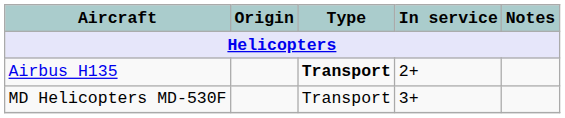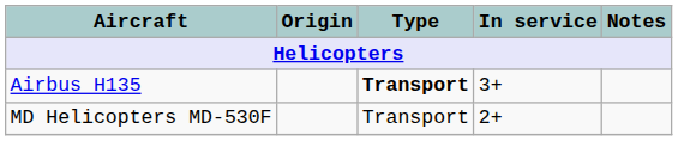 <table class="wikitable">
 <tr>
 <th style="text-align:center; background:#acc;">Aircraft</th>
 <th style="text-align: center; background:#acc;">Origin</th>
 <th style="text-align:l center; background:#acc;">Type</th>
 <th style="text-align:center; background:#acc;">In service</th>
 <th style="text-align: center; background:#acc;">Notes</th>
 </tr>
 <tr>
 <th colspan="5" style="align: center; background: lavender;"><a href='#'>Helicopters</a></th>
 </tr>
 <tr>
 <td><a href='#'>Airbus H135</a></td>
 <td></td>
 <td><strong>Transport</strong></td>
-<td>2+</td>
+<td>3+</td>
 <td></td>
 </tr>
 <tr>
 <td>MD Helicopters MD-530F</td>
 <td></td>
 <td>Transport</td>
-<td>3+</td>
+<td>2+</td>
 <td></td>
 </tr>
 <tr>
 </tr>
 </table>
